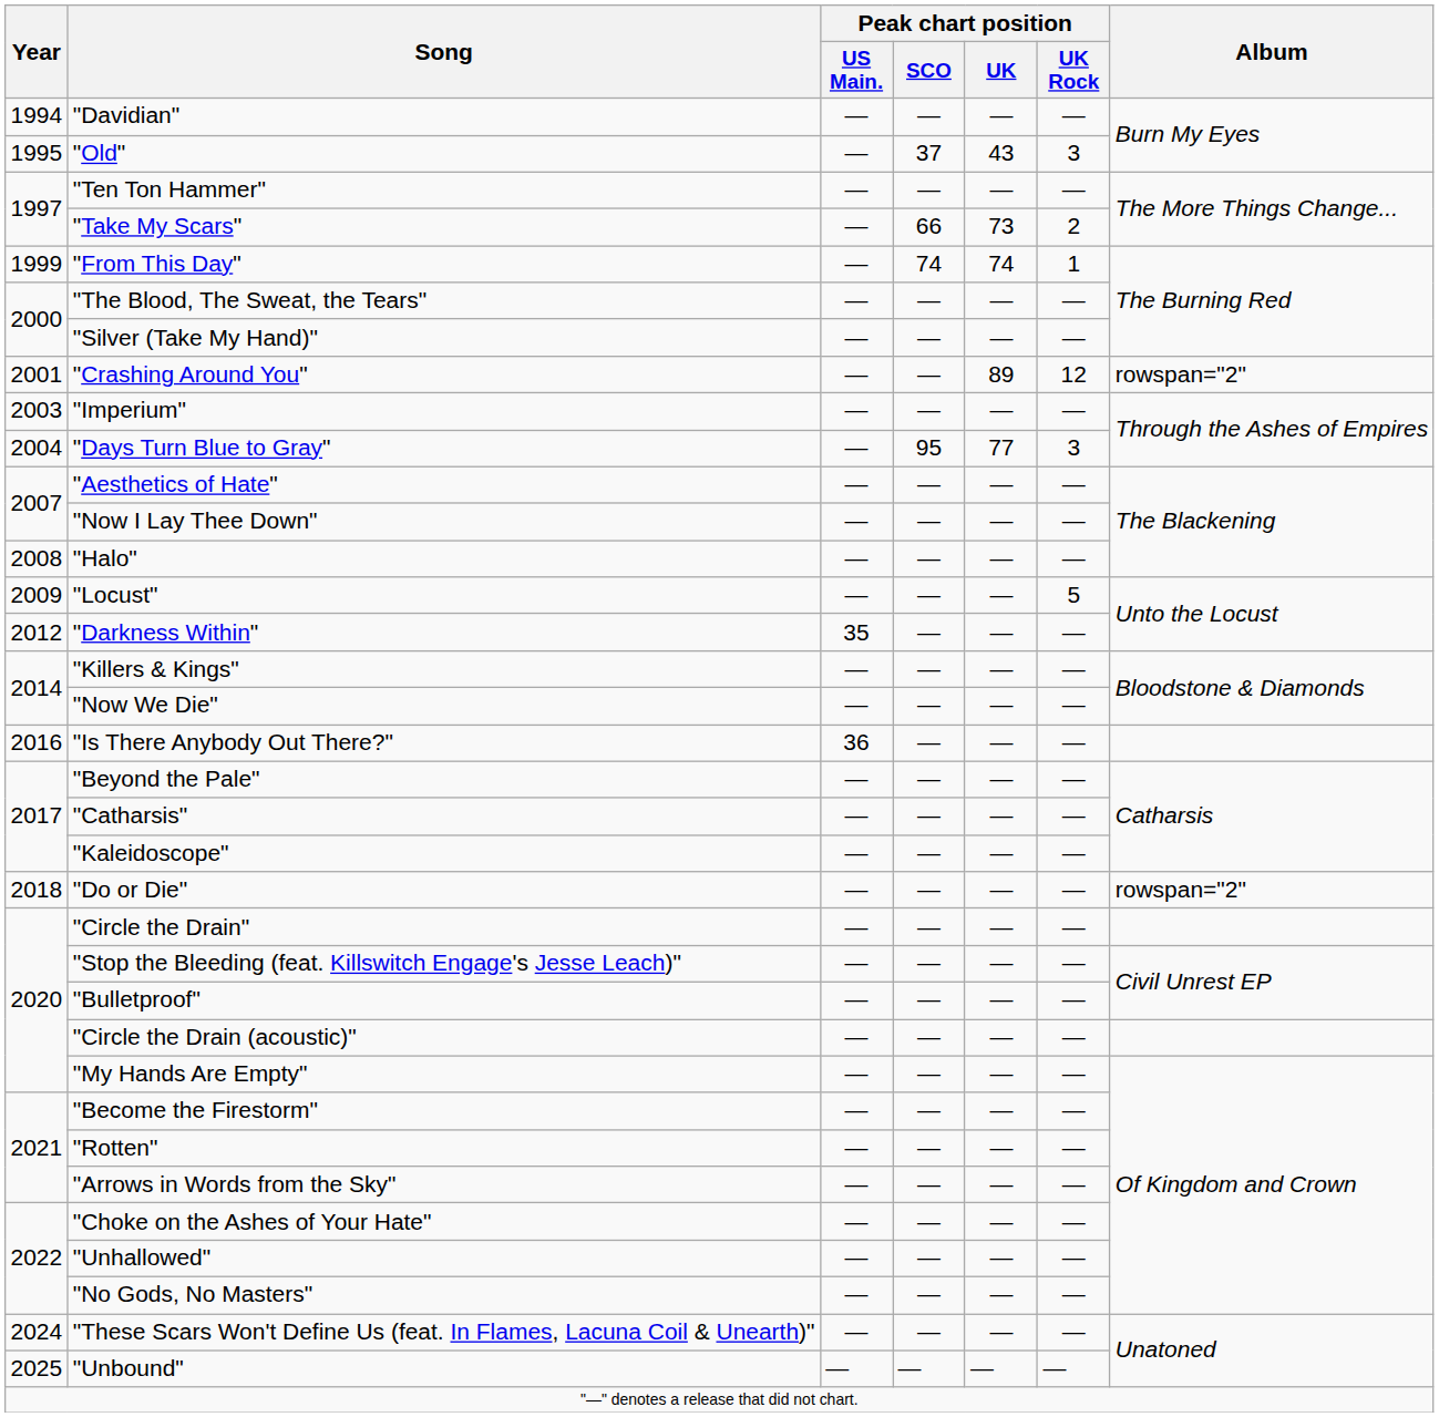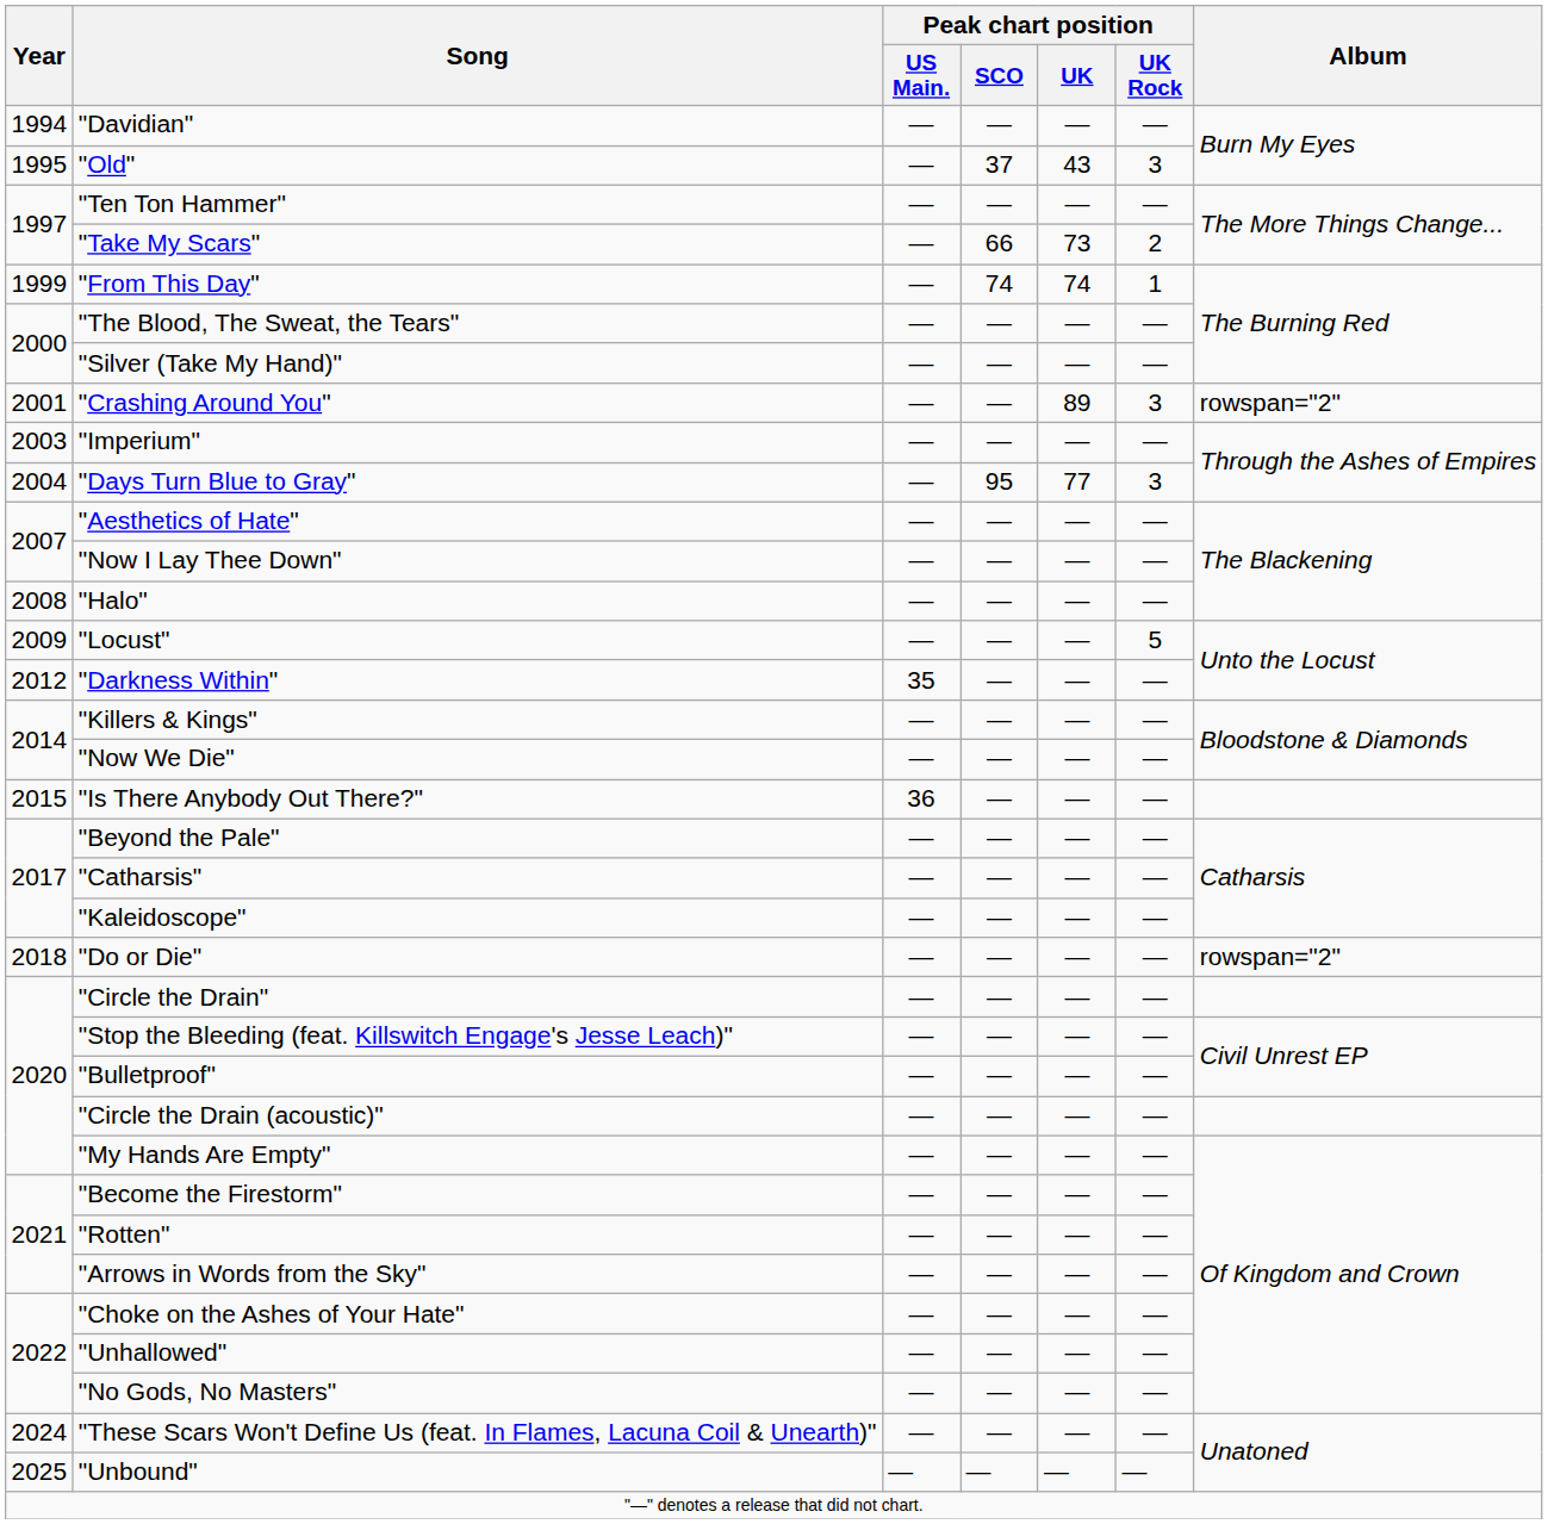 <table class="wikitable">
 <tr>
 <th rowspan="2">Year</th>
 <th rowspan="2">Song</th>
 <th colspan="4">Peak chart position</th>
 <th rowspan="2">Album</th>
 </tr>
 <tr>
 <th scope="col" style="width:3em;font-size:90%;"><a href='#'>US<br>Main.</a><br></th>
 <th scope="col" style="width:3em;font-size:90%;"><a href='#'>SCO</a> <br></th>
 <th scope="col" style="width:3em;font-size:90%;"><a href='#'>UK</a><br></th>
 <th scope="col" style="width:3em;font-size:90%;"><a href='#'>UK<br>Rock</a> <br></th>
 </tr>
 <tr>
 <td>1994</td>
 <td>"Davidian"</td>
 <td style="text-align:center;">—</td>
 <td style="text-align:center;">—</td>
 <td style="text-align:center;">—</td>
 <td style="text-align:center;">—</td>
 <td rowspan="2"><em>Burn My Eyes</em></td>
 </tr>
 <tr>
 <td>1995</td>
 <td>"<a href='#'>Old</a>"</td>
 <td style="text-align:center;">—</td>
 <td style="text-align:center;">37</td>
 <td style="text-align:center;">43</td>
 <td style="text-align:center;">3</td>
 </tr>
 <tr>
 <td rowspan="2">1997</td>
 <td>"Ten Ton Hammer"</td>
 <td style="text-align:center;">—</td>
 <td style="text-align:center;">—</td>
 <td style="text-align:center;">—</td>
 <td style="text-align:center;">—</td>
 <td rowspan="2"><em>The More Things Change...</em></td>
 </tr>
 <tr>
 <td>"<a href='#'>Take My Scars</a>"</td>
 <td style="text-align:center;">—</td>
 <td style="text-align:center;">66</td>
 <td style="text-align:center;">73</td>
 <td style="text-align:center;">2</td>
 </tr>
 <tr>
 <td>1999</td>
 <td>"<a href='#'>From This Day</a>"</td>
 <td style="text-align:center;">—</td>
 <td style="text-align:center;">74</td>
 <td style="text-align:center;">74</td>
 <td style="text-align:center;">1</td>
 <td rowspan="3"><em>The Burning Red</em></td>
 </tr>
 <tr>
 <td rowspan="2">2000</td>
 <td>"The Blood, The Sweat, the Tears"</td>
 <td style="text-align:center;">—</td>
 <td style="text-align:center;">—</td>
 <td style="text-align:center;">—</td>
 <td style="text-align:center;">—</td>
 </tr>
 <tr>
 <td>"Silver (Take My Hand)"</td>
 <td style="text-align:center;">—</td>
 <td style="text-align:center;">—</td>
 <td style="text-align:center;">—</td>
 <td style="text-align:center;">—</td>
 </tr>
 <tr>
 <td>2001</td>
 <td>"<a href='#'>Crashing Around You</a>"</td>
 <td style="text-align:center;">—</td>
 <td style="text-align:center;">—</td>
 <td style="text-align:center;">89</td>
-<td style="text-align:center;">12</td>
+<td style="text-align:center;">3</td>
 <td>rowspan="2" </td>
 </tr>
 <tr>
 <td>2003</td>
 <td>"Imperium"</td>
 <td style="text-align:center;">—</td>
 <td style="text-align:center;">—</td>
 <td style="text-align:center;">—</td>
 <td style="text-align:center;">—</td>
 <td rowspan="2"><em>Through the Ashes of Empires</em></td>
 </tr>
 <tr>
 <td>2004</td>
 <td>"<a href='#'>Days Turn Blue to Gray</a>"</td>
 <td style="text-align:center;">—</td>
 <td style="text-align:center;">95</td>
 <td style="text-align:center;">77</td>
 <td style="text-align:center;">3</td>
 </tr>
 <tr>
 <td rowspan="2">2007</td>
 <td>"<a href='#'>Aesthetics of Hate</a>"</td>
 <td style="text-align:center;">—</td>
 <td style="text-align:center;">—</td>
 <td style="text-align:center;">—</td>
 <td style="text-align:center;">—</td>
 <td rowspan="3"><em>The Blackening</em></td>
 </tr>
 <tr>
 <td>"Now I Lay Thee Down"</td>
 <td style="text-align:center;">—</td>
 <td style="text-align:center;">—</td>
 <td style="text-align:center;">—</td>
 <td style="text-align:center;">—</td>
 </tr>
 <tr>
 <td>2008</td>
 <td>"Halo"</td>
 <td style="text-align:center;">—</td>
 <td style="text-align:center;">—</td>
 <td style="text-align:center;">—</td>
 <td style="text-align:center;">—</td>
 </tr>
 <tr>
 <td>2009</td>
 <td>"Locust"</td>
 <td style="text-align:center;">—</td>
 <td style="text-align:center;">—</td>
 <td style="text-align:center;">—</td>
 <td style="text-align:center;">5</td>
 <td rowspan="2"><em>Unto the Locust</em></td>
 </tr>
 <tr>
 <td>2012</td>
 <td>"<a href='#'>Darkness Within</a>"</td>
 <td style="text-align:center;">35</td>
 <td style="text-align:center;">—</td>
 <td style="text-align:center;">—</td>
 <td style="text-align:center;">—</td>
 </tr>
 <tr>
 <td rowspan="2">2014</td>
 <td>"Killers & Kings"</td>
 <td style="text-align:center;">—</td>
 <td style="text-align:center;">—</td>
 <td style="text-align:center;">—</td>
 <td style="text-align:center;">—</td>
 <td rowspan="2"><em>Bloodstone & Diamonds</em></td>
 </tr>
 <tr>
 <td>"Now We Die"</td>
 <td style="text-align:center;">—</td>
 <td style="text-align:center;">—</td>
 <td style="text-align:center;">—</td>
 <td style="text-align:center;">—</td>
 </tr>
 <tr>
-<td>2016</td>
+<td>2015</td>
 <td>"Is There Anybody Out There?"</td>
 <td style="text-align:center;">36</td>
 <td style="text-align:center;">—</td>
 <td style="text-align:center;">—</td>
 <td style="text-align:center;">—</td>
 <td></td>
 </tr>
 <tr>
 <td rowspan="3">2017</td>
 <td>"Beyond the Pale"</td>
 <td style="text-align:center;">—</td>
 <td style="text-align:center;">—</td>
 <td style="text-align:center;">—</td>
 <td style="text-align:center;">—</td>
 <td rowspan="3"><em>Catharsis</em></td>
 </tr>
 <tr>
 <td>"Catharsis"</td>
 <td style="text-align:center;">—</td>
 <td style="text-align:center;">—</td>
 <td style="text-align:center;">—</td>
 <td style="text-align:center;">—</td>
 </tr>
 <tr>
 <td>"Kaleidoscope"</td>
 <td style="text-align:center;">—</td>
 <td style="text-align:center;">—</td>
 <td style="text-align:center;">—</td>
 <td style="text-align:center;">—</td>
 </tr>
 <tr>
 <td>2018</td>
 <td>"Do or Die"</td>
 <td style="text-align:center;">—</td>
 <td style="text-align:center;">—</td>
 <td style="text-align:center;">—</td>
 <td style="text-align:center;">—</td>
 <td>rowspan="2" </td>
 </tr>
 <tr>
 <td rowspan="5">2020</td>
 <td>"Circle the Drain"</td>
 <td style="text-align:center;">—</td>
 <td style="text-align:center;">—</td>
 <td style="text-align:center;">—</td>
 <td style="text-align:center;">—</td>
 </tr>
 <tr>
 <td>"Stop the Bleeding (feat. <a href='#'>Killswitch Engage</a>'s <a href='#'>Jesse Leach</a>)"</td>
 <td style="text-align:center;">—</td>
 <td style="text-align:center;">—</td>
 <td style="text-align:center;">—</td>
 <td style="text-align:center;">—</td>
 <td rowspan="2"><em>Civil Unrest EP</em></td>
 </tr>
 <tr>
 <td>"Bulletproof"</td>
 <td style="text-align:center;">—</td>
 <td style="text-align:center;">—</td>
 <td style="text-align:center;">—</td>
 <td style="text-align:center;">—</td>
 </tr>
 <tr>
 <td>"Circle the Drain (acoustic)"</td>
 <td style="text-align:center;">—</td>
 <td style="text-align:center;">—</td>
 <td style="text-align:center;">—</td>
 <td style="text-align:center;">—</td>
 <td></td>
 </tr>
 <tr>
 <td>"My Hands Are Empty"</td>
 <td style="text-align:center;">—</td>
 <td style="text-align:center;">—</td>
 <td style="text-align:center;">—</td>
 <td style="text-align:center;">—</td>
 <td rowspan="7"><em>Of Kingdom and Crown</em></td>
 </tr>
 <tr>
 <td rowspan="3">2021</td>
 <td>"Become the Firestorm"</td>
 <td style="text-align:center;">—</td>
 <td style="text-align:center;">—</td>
 <td style="text-align:center;">—</td>
 <td style="text-align:center;">—</td>
 </tr>
 <tr>
 <td>"Rotten"</td>
 <td style="text-align:center;">—</td>
 <td style="text-align:center;">—</td>
 <td style="text-align:center;">—</td>
 <td style="text-align:center;">—</td>
 </tr>
 <tr>
 <td>"Arrows in Words from the Sky"</td>
 <td style="text-align:center;">—</td>
 <td style="text-align:center;">—</td>
 <td style="text-align:center;">—</td>
 <td style="text-align:center;">—</td>
 </tr>
 <tr>
 <td rowspan="3">2022</td>
 <td>"Choke on the Ashes of Your Hate"</td>
 <td style="text-align:center;">—</td>
 <td style="text-align:center;">—</td>
 <td style="text-align:center;">—</td>
 <td style="text-align:center;">—</td>
 </tr>
 <tr>
 <td>"Unhallowed"</td>
 <td style="text-align:center;">—</td>
 <td style="text-align:center;">—</td>
 <td style="text-align:center;">—</td>
 <td style="text-align:center;">—</td>
 </tr>
 <tr>
 <td>"No Gods, No Masters"</td>
 <td style="text-align:center;">—</td>
 <td style="text-align:center;">—</td>
 <td style="text-align:center;">—</td>
 <td style="text-align:center;">—</td>
 </tr>
 <tr>
 <td rowspan="1">2024</td>
 <td>"These Scars Won't Define Us (feat. <a href='#'>In Flames</a>, <a href='#'>Lacuna Coil</a> & <a href='#'>Unearth</a>)"</td>
 <td style="text-align:center;">—</td>
 <td style="text-align:center;">—</td>
 <td style="text-align:center;">—</td>
 <td style="text-align:center;">—</td>
 <td rowspan="2"><em>Unatoned</em></td>
 </tr>
 <tr>
 <td>2025</td>
 <td>"Unbound"</td>
 <td>—</td>
 <td>—</td>
 <td>—</td>
 <td>—</td>
 </tr>
 <tr>
 <td colspan="7" style="text-align:center; font-size:8pt;">"—" denotes a release that did not chart.</td>
 </tr>
 <tr>
 </tr>
 </table>
